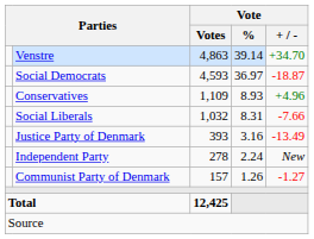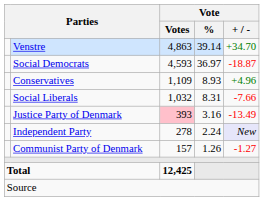 <table class="wikitable" style="text-align:right;">
 <tr>
 <th style="text-align:centre;" rowspan="2" colspan="2" width="225">Parties</th>
 <th colspan="3">Vote</th>
 </tr>
 <tr>
 <th width="15">Votes</th>
 <th width="15">%</th>
 <th width="15">+ / -</th>
 </tr>
 <tr>
 <td width="2" style="color:inherit;background:"></td>
 <td bgcolor=#cfe5fe  align="left"><a href='#'>Venstre</a></td>
 <td bgcolor=#cfe5fe>4,863</td>
 <td bgcolor=#cfe5fe>39.14</td>
 <td style=color:green;>+34.70</td>
 </tr>
 <tr>
 <td width="2" style="color:inherit;background:"></td>
 <td align="left"><a href='#'>Social Democrats</a></td>
 <td>4,593</td>
 <td>36.97</td>
 <td style=color:red;>-18.87</td>
 </tr>
 <tr>
 <td width="2" style="color:inherit;background:"></td>
 <td align="left"><a href='#'>Conservatives</a></td>
 <td>1,109</td>
 <td>8.93</td>
 <td style=color:green;>+4.96</td>
 </tr>
 <tr>
 <td width="2" style="color:inherit;background:"></td>
 <td align="left"><a href='#'>Social Liberals</a></td>
 <td>1,032</td>
 <td>8.31</td>
 <td style=color:red;>-7.66</td>
 </tr>
 <tr>
 <td width="2" style="color:inherit;background:"></td>
 <td align="left"><a href='#'>Justice Party of Denmark</a></td>
-<td>393</td>
+<td style="background: pink;">393</td>
 <td>3.16</td>
 <td style=color:red;>-13.49</td>
 </tr>
 <tr>
 <td width="2" style="color:inherit;background:"></td>
 <td align="left"><a href='#'>Independent Party</a></td>
 <td>278</td>
 <td>2.24</td>
-<td><em>New</em></td>
+<td style="background: lavender;"><em>New</em></td>
 </tr>
 <tr>
 <td width="2" style="color:inherit;background:"></td>
 <td align="left"><a href='#'>Communist Party of Denmark</a></td>
 <td>157</td>
 <td>1.26</td>
 <td style=color:red;>-1.27</td>
 </tr>
 <tr>
 <td colspan="7" bgcolor="#E9E9E9"></td>
 </tr>
 <tr>
 <td align="left" colspan="2"><strong>Total</strong></td>
 <td><strong>12,425</strong></td>
 <td bgcolor="#E9E9E9" colspan="2"></td>
 </tr>
 <tr>
 <td align="left" colspan="6">Source</td>
 </tr>
 </table>
